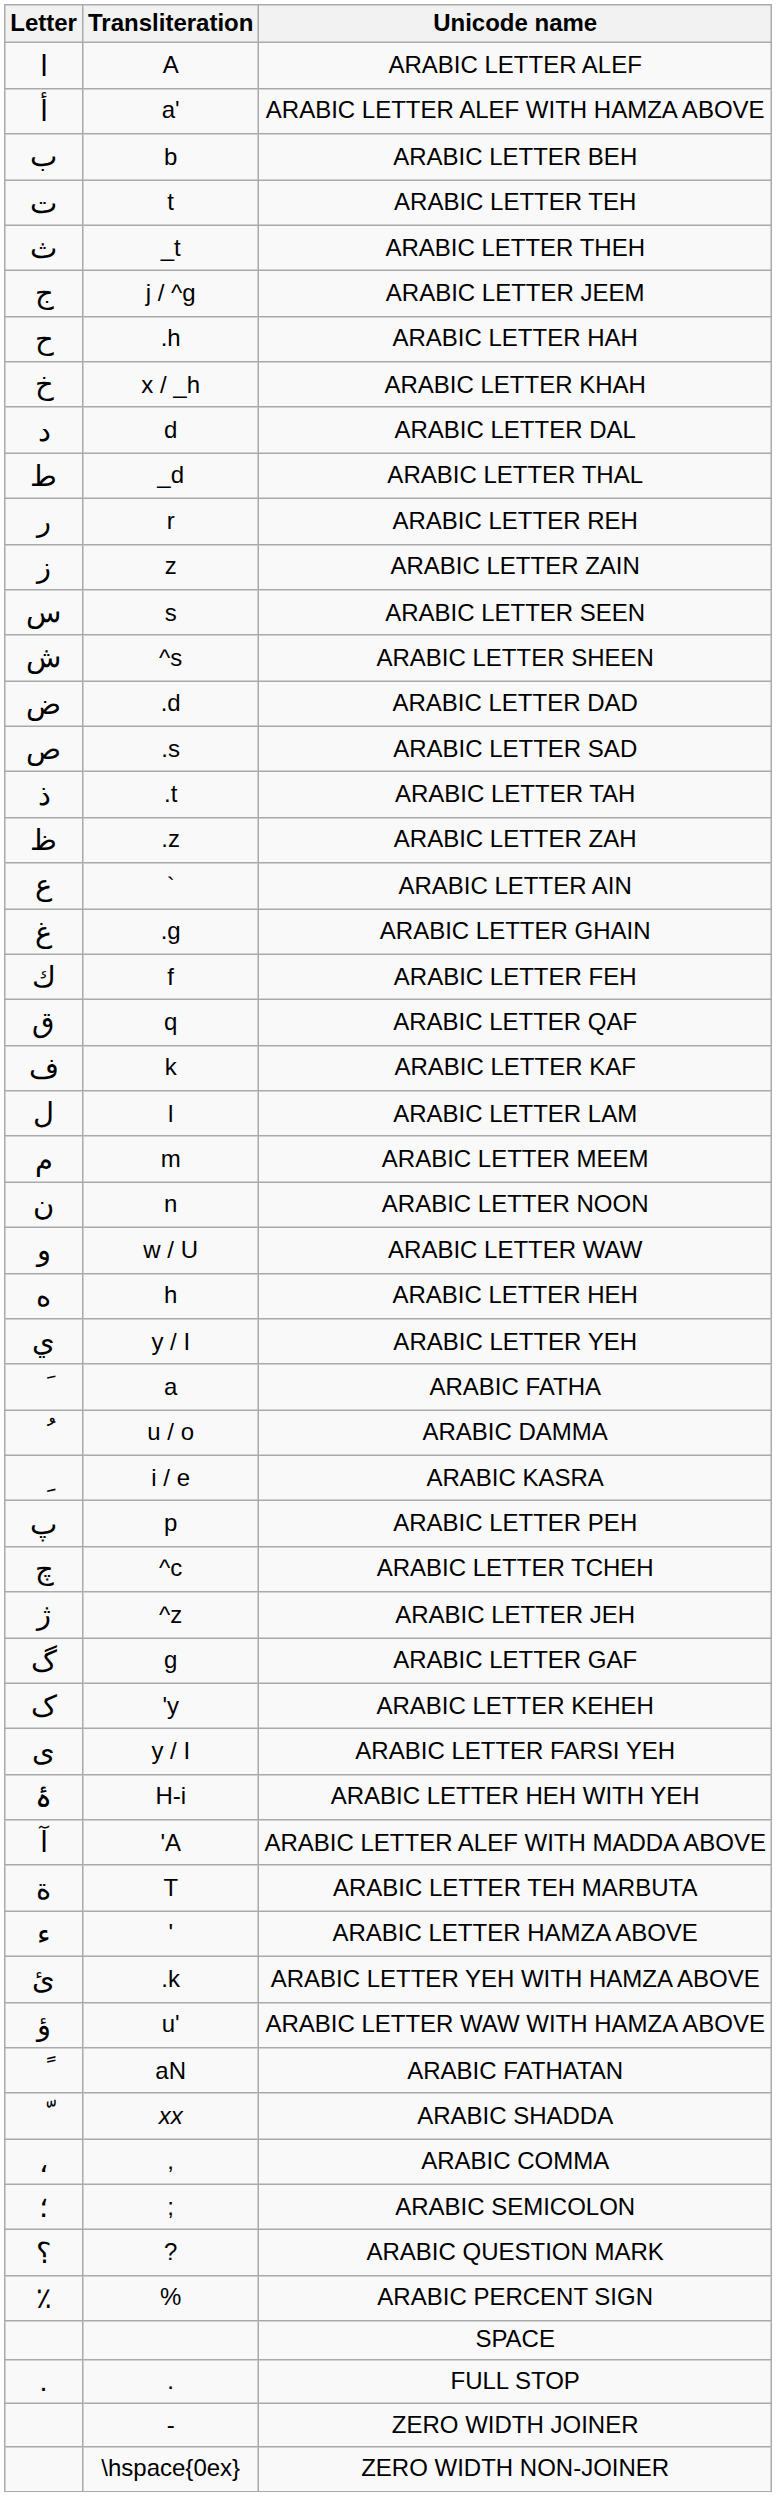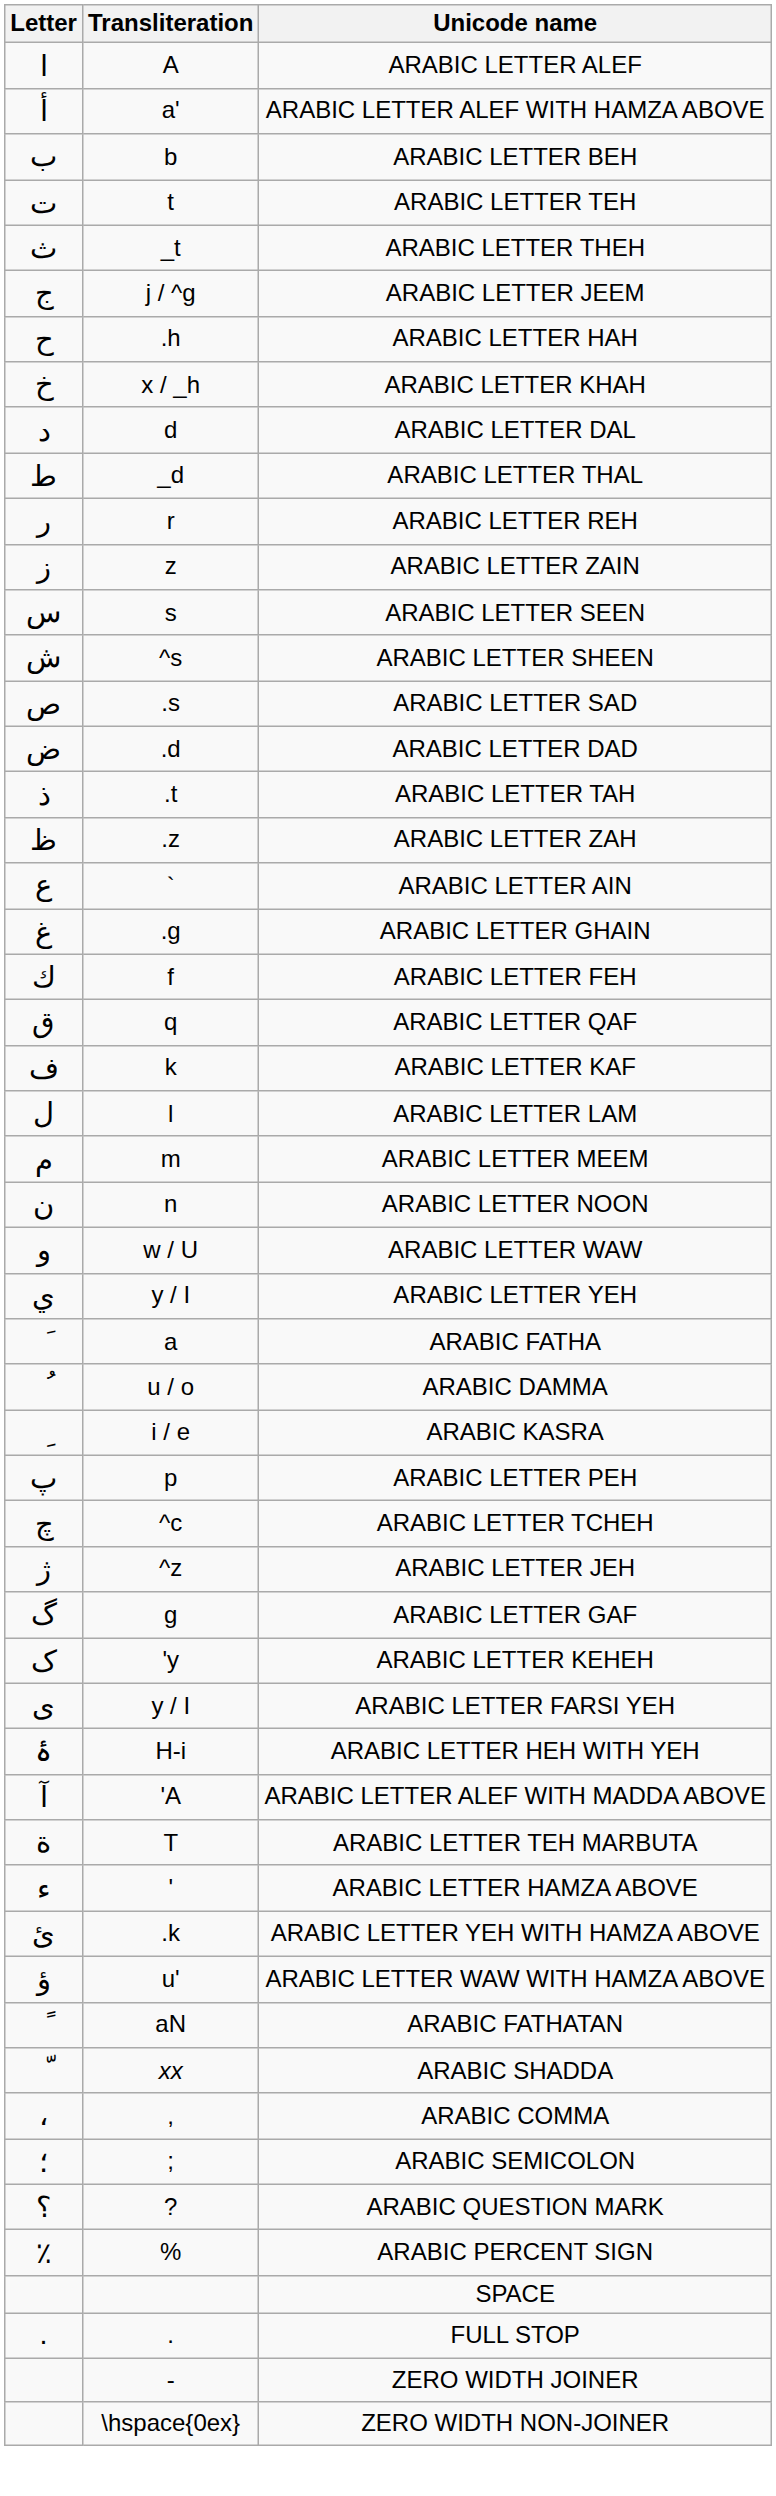 <table class="wikitable">
 <tr>
 <th>Letter</th>
 <th>Transliteration</th>
 <th>Unicode name</th>
 </tr>
 <tr align="center">
 <td><big>ا</big></td>
 <td>A</td>
 <td>ARABIC LETTER ALEF</td>
 </tr>
 <tr align="center">
 <td><big>أ</big></td>
 <td>a'</td>
 <td>ARABIC LETTER ALEF WITH HAMZA ABOVE</td>
 </tr>
 <tr align="center">
 <td><big>ب</big></td>
 <td>b</td>
 <td>ARABIC LETTER BEH</td>
 </tr>
 <tr align="center">
 <td><big>ت</big></td>
 <td>t</td>
 <td>ARABIC LETTER TEH</td>
 </tr>
 <tr align="center">
 <td><big>ث</big></td>
 <td>_t</td>
 <td>ARABIC LETTER THEH</td>
 </tr>
 <tr align="center">
 <td><big>ج</big></td>
 <td>j / ^g</td>
 <td>ARABIC LETTER JEEM</td>
 </tr>
 <tr align="center">
 <td><big>ح</big></td>
 <td>.h</td>
 <td>ARABIC LETTER HAH</td>
 </tr>
 <tr align="center">
 <td><big>خ</big></td>
 <td>x / _h</td>
 <td>ARABIC LETTER KHAH</td>
 </tr>
 <tr align="center">
 <td><big>د</big></td>
 <td>d</td>
 <td>ARABIC LETTER DAL</td>
 </tr>
 <tr align="center">
 <td><big>ط</big></td>
 <td>_d</td>
 <td>ARABIC LETTER THAL</td>
 </tr>
 <tr align="center">
 <td><big>ر</big></td>
 <td>r</td>
 <td>ARABIC LETTER REH</td>
 </tr>
 <tr align="center">
 <td><big>ز</big></td>
 <td>z</td>
 <td>ARABIC LETTER ZAIN</td>
 </tr>
 <tr align="center">
 <td><big>س</big></td>
 <td>s</td>
 <td>ARABIC LETTER SEEN</td>
 </tr>
 <tr align="center">
 <td><big>ش</big></td>
 <td>^s</td>
 <td>ARABIC LETTER SHEEN</td>
 </tr>
 <tr align="center">
+<td><big>ص</big></td>
+<td>.s</td>
+<td>ARABIC LETTER SAD</td>
+</tr>
+<tr align="center">
 <td><big>ض</big></td>
 <td>.d</td>
 <td>ARABIC LETTER DAD</td>
-</tr>
-<tr align="center">
-<td><big>ص</big></td>
-<td>.s</td>
-<td>ARABIC LETTER SAD</td>
 </tr>
 <tr align="center">
 <td><big>ذ</big></td>
 <td>.t</td>
 <td>ARABIC LETTER TAH</td>
 </tr>
 <tr align="center">
 <td><big>ظ</big></td>
 <td>.z</td>
 <td>ARABIC LETTER ZAH</td>
 </tr>
 <tr align="center">
 <td><big>ع</big></td>
 <td>`</td>
 <td>ARABIC LETTER AIN</td>
 </tr>
 <tr align="center">
 <td><big>غ</big></td>
 <td>.g</td>
 <td>ARABIC LETTER GHAIN</td>
 </tr>
 <tr align="center">
 <td><big>ك</big></td>
 <td>f</td>
 <td>ARABIC LETTER FEH</td>
 </tr>
 <tr align="center">
 <td><big>ق</big></td>
 <td>q</td>
 <td>ARABIC LETTER QAF</td>
 </tr>
 <tr align="center">
 <td><big>ف</big></td>
 <td>k</td>
 <td>ARABIC LETTER KAF</td>
 </tr>
 <tr align="center">
 <td><big>ل</big></td>
 <td>l</td>
 <td>ARABIC LETTER LAM</td>
 </tr>
 <tr align="center">
 <td><big>م</big></td>
 <td>m</td>
 <td>ARABIC LETTER MEEM</td>
 </tr>
 <tr align="center">
 <td><big>ن</big></td>
 <td>n</td>
 <td>ARABIC LETTER NOON</td>
 </tr>
 <tr align="center">
 <td><big>و</big></td>
 <td>w / U</td>
 <td>ARABIC LETTER WAW</td>
-</tr>
-<tr align="center">
-<td><big>ه</big></td>
-<td>h</td>
-<td>ARABIC LETTER HEH</td>
 </tr>
 <tr align="center">
 <td><big>ي</big></td>
 <td>y / I</td>
 <td>ARABIC LETTER YEH</td>
 </tr>
 <tr align="center">
 <td><big>َ</big></td>
 <td>a</td>
 <td>ARABIC FATHA</td>
 </tr>
 <tr align="center">
 <td><big>ُ</big></td>
 <td>u / o</td>
 <td>ARABIC DAMMA</td>
 </tr>
 <tr align="center">
 <td><big>ِ</big></td>
 <td>i / e</td>
 <td>ARABIC KASRA</td>
 </tr>
 <tr align="center">
 <td><big>پ</big></td>
 <td>p</td>
 <td>ARABIC LETTER PEH</td>
 </tr>
 <tr align="center">
 <td><big>چ</big></td>
 <td>^c</td>
 <td>ARABIC LETTER TCHEH</td>
 </tr>
 <tr align="center">
 <td><big>ژ</big></td>
 <td>^z</td>
 <td>ARABIC LETTER JEH</td>
 </tr>
 <tr align="center">
 <td><big>گ</big></td>
 <td>g</td>
 <td>ARABIC LETTER GAF</td>
 </tr>
 <tr align="center">
 <td><big>ک</big></td>
 <td>'y</td>
 <td>ARABIC LETTER KEHEH</td>
 </tr>
 <tr align="center">
 <td><big>ی</big></td>
 <td>y / I</td>
 <td>ARABIC LETTER FARSI YEH</td>
 </tr>
 <tr align="center">
 <td><big>ۀ</big></td>
 <td>H-i</td>
 <td>ARABIC LETTER HEH WITH YEH</td>
 </tr>
 <tr align="center">
 <td><big>آ</big></td>
 <td>'A</td>
 <td>ARABIC LETTER ALEF WITH MADDA ABOVE</td>
 </tr>
 <tr align="center">
 <td><big>ة</big></td>
 <td>T</td>
 <td>ARABIC LETTER TEH MARBUTA</td>
 </tr>
 <tr align="center">
 <td><big>ء</big></td>
 <td>'</td>
 <td>ARABIC LETTER HAMZA ABOVE</td>
 </tr>
 <tr align="center">
 <td><big>ئ</big></td>
 <td>.k</td>
 <td>ARABIC LETTER YEH WITH HAMZA ABOVE</td>
 </tr>
 <tr align="center">
 <td><big>ؤ</big></td>
 <td>u'</td>
 <td>ARABIC LETTER WAW WITH HAMZA ABOVE</td>
 </tr>
 <tr align="center">
 <td><big>ً</big></td>
 <td>aN</td>
 <td>ARABIC FATHATAN</td>
 </tr>
 <tr align="center">
 <td><big>ّ</big></td>
 <td><em>xx</em></td>
 <td>ARABIC SHADDA</td>
 </tr>
 <tr align="center">
 <td><big>،</big></td>
 <td>,</td>
 <td>ARABIC COMMA</td>
 </tr>
 <tr align="center">
 <td><big>؛</big></td>
 <td>;</td>
 <td>ARABIC SEMICOLON</td>
 </tr>
 <tr align="center">
 <td><big>؟</big></td>
 <td>?</td>
 <td>ARABIC QUESTION MARK</td>
 </tr>
 <tr align="center">
 <td><big>٪</big></td>
 <td>%</td>
 <td>ARABIC PERCENT SIGN</td>
 </tr>
 <tr align="center">
 <td><big><code> </code></big></td>
 <td></td>
 <td>SPACE</td>
 </tr>
 <tr align="center">
 <td><big>.</big></td>
 <td>.</td>
 <td>FULL STOP</td>
 </tr>
 <tr align="center">
 <td><big><code>‍</code></big></td>
 <td>-</td>
 <td>ZERO WIDTH JOINER</td>
 </tr>
 <tr align="center">
 <td><big>‌</big></td>
 <td>\hspace{0ex}</td>
 <td>ZERO WIDTH NON-JOINER<br></td>
 </tr>
 </table>
